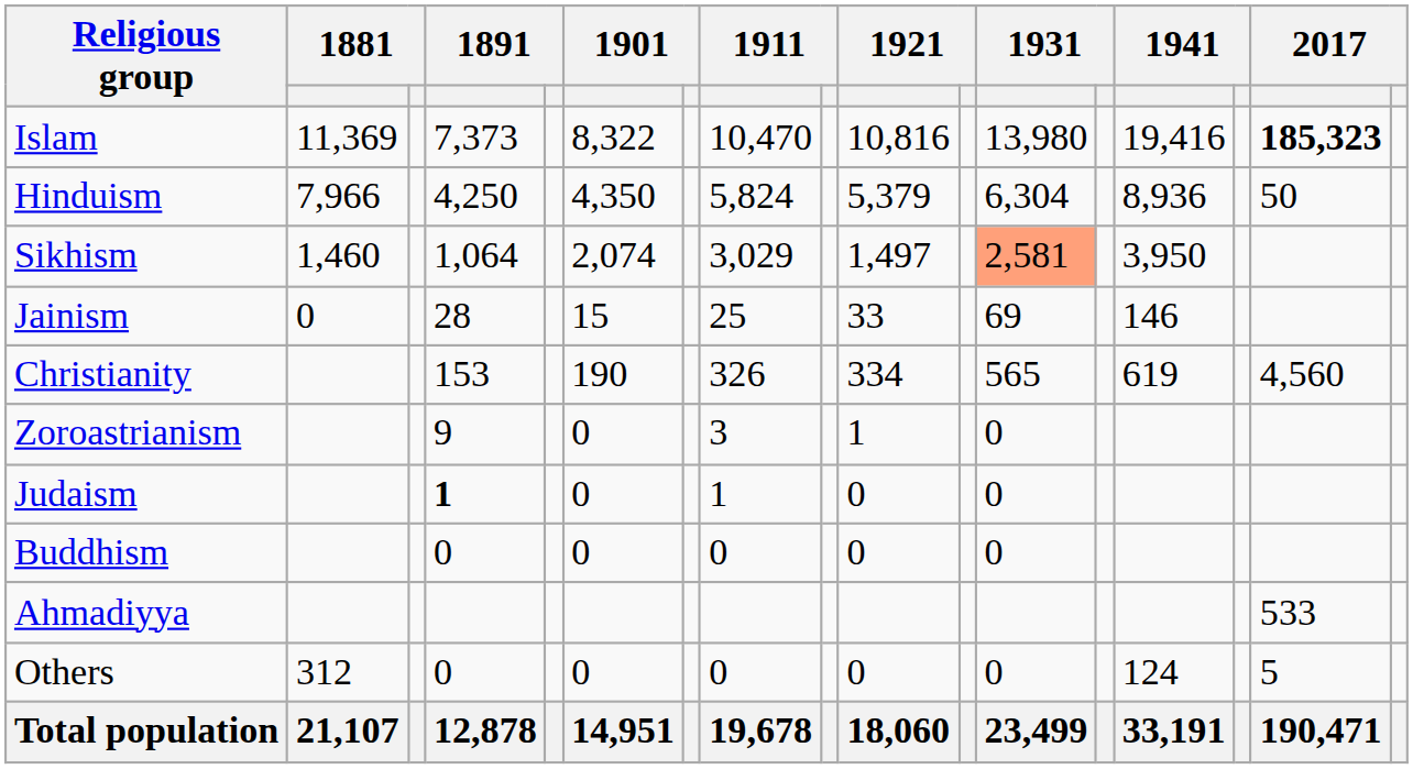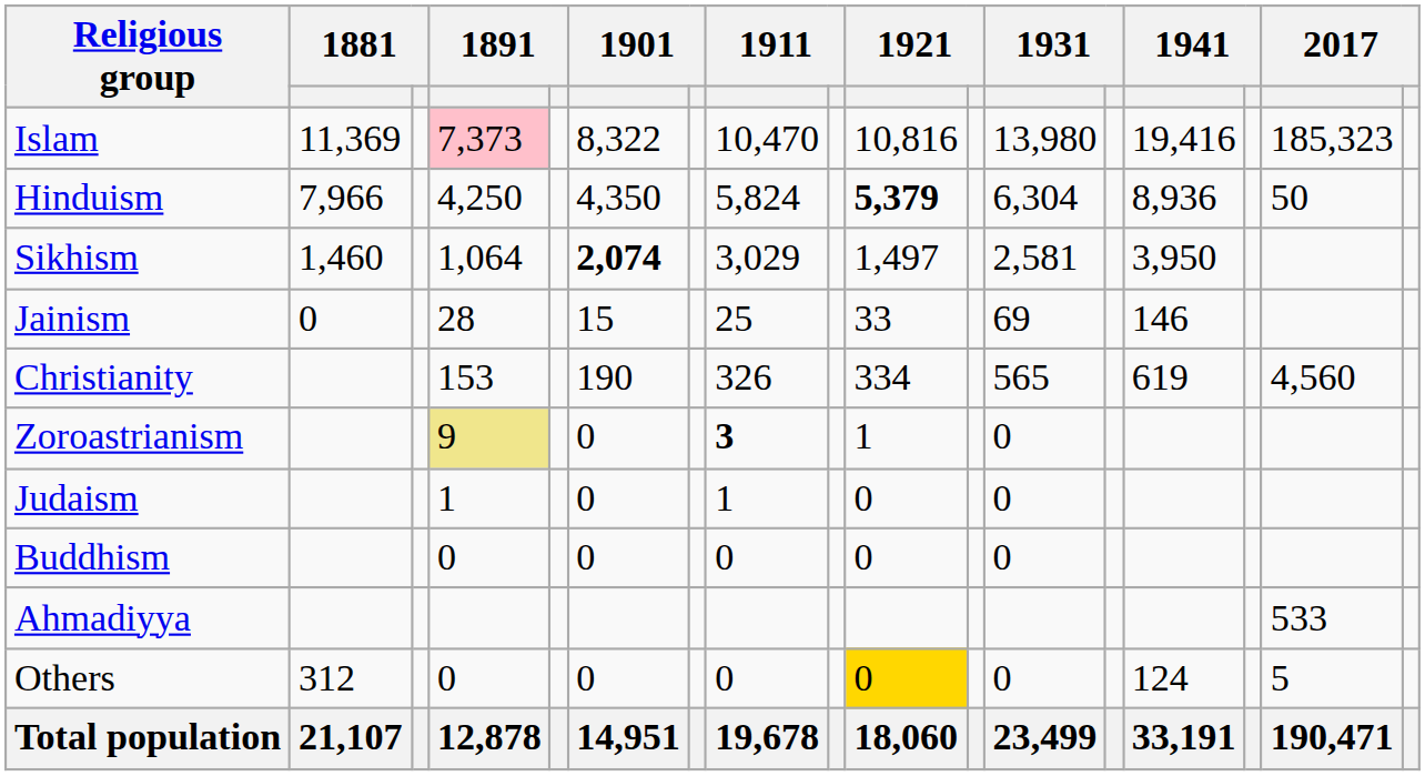 <table class="wikitable collapsible sortable">
 <tr>
 <th rowspan="2"><a href='#'>Religious</a><br>group</th>
 <th colspan="2">1881</th>
 <th colspan="2">1891</th>
 <th colspan="2">1901</th>
 <th colspan="2">1911</th>
 <th colspan="2">1921</th>
 <th colspan="2">1931</th>
 <th colspan="2">1941</th>
 <th colspan="2">2017</th>
 </tr>
 <tr>
 <th><a href='#'></a></th>
 <th></th>
 <th></th>
 <th></th>
 <th></th>
 <th></th>
 <th></th>
 <th></th>
 <th></th>
 <th></th>
 <th></th>
 <th></th>
 <th></th>
 <th></th>
 <th></th>
 <th></th>
 </tr>
 <tr>
 <td><a href='#'>Islam</a> </td>
 <td>11,369</td>
 <td></td>
-<td>7,373</td>
+<td style="background: pink;">7,373</td>
 <td></td>
 <td>8,322</td>
 <td></td>
 <td>10,470</td>
 <td></td>
 <td>10,816</td>
 <td></td>
 <td>13,980</td>
 <td></td>
 <td>19,416</td>
 <td></td>
-<td><strong>185,323</strong></td>
+<td>185,323</td>
 <td></td>
 </tr>
 <tr>
 <td><a href='#'>Hinduism</a> </td>
 <td>7,966</td>
 <td></td>
 <td>4,250</td>
 <td></td>
 <td>4,350</td>
 <td></td>
 <td>5,824</td>
 <td></td>
-<td>5,379</td>
+<td><strong>5,379</strong></td>
 <td></td>
 <td>6,304</td>
 <td></td>
 <td>8,936</td>
 <td></td>
 <td>50</td>
 <td></td>
 </tr>
 <tr>
 <td><a href='#'>Sikhism</a> </td>
 <td>1,460</td>
 <td></td>
 <td>1,064</td>
 <td></td>
-<td>2,074</td>
+<td><strong>2,074</strong></td>
 <td></td>
 <td>3,029</td>
 <td></td>
 <td>1,497</td>
 <td></td>
-<td style="background: lightsalmon;">2,581</td>
+<td>2,581</td>
 <td></td>
 <td>3,950</td>
 <td></td>
 <td></td>
 <td></td>
 </tr>
 <tr>
 <td><a href='#'>Jainism</a> </td>
 <td>0</td>
 <td></td>
 <td>28</td>
 <td></td>
 <td>15</td>
 <td></td>
 <td>25</td>
 <td></td>
 <td>33</td>
 <td></td>
 <td>69</td>
 <td></td>
 <td>146</td>
 <td></td>
 <td></td>
 <td></td>
 </tr>
 <tr>
 <td><a href='#'>Christianity</a> </td>
 <td></td>
 <td></td>
 <td>153</td>
 <td></td>
 <td>190</td>
 <td></td>
 <td>326</td>
 <td></td>
 <td>334</td>
 <td></td>
 <td>565</td>
 <td></td>
 <td>619</td>
 <td></td>
 <td>4,560</td>
 <td></td>
 </tr>
 <tr>
 <td><a href='#'>Zoroastrianism</a> </td>
 <td></td>
 <td></td>
-<td>9</td>
+<td style="background: khaki;">9</td>
 <td></td>
 <td>0</td>
 <td></td>
-<td>3</td>
+<td><strong>3</strong></td>
 <td></td>
 <td>1</td>
 <td></td>
 <td>0</td>
 <td></td>
 <td></td>
 <td></td>
 <td></td>
 <td></td>
 </tr>
 <tr>
 <td><a href='#'>Judaism</a> </td>
 <td></td>
 <td></td>
-<td><strong>1</strong></td>
+<td>1</td>
 <td></td>
 <td>0</td>
 <td></td>
 <td>1</td>
 <td></td>
 <td>0</td>
 <td></td>
 <td>0</td>
 <td></td>
 <td></td>
 <td></td>
 <td></td>
 <td></td>
 </tr>
 <tr>
 <td><a href='#'>Buddhism</a> </td>
 <td></td>
 <td></td>
 <td>0</td>
 <td></td>
 <td>0</td>
 <td></td>
 <td>0</td>
 <td></td>
 <td>0</td>
 <td></td>
 <td>0</td>
 <td></td>
 <td></td>
 <td></td>
 <td></td>
 <td></td>
 </tr>
 <tr>
 <td><a href='#'>Ahmadiyya</a> </td>
 <td></td>
 <td></td>
 <td></td>
 <td></td>
 <td></td>
 <td></td>
 <td></td>
 <td></td>
 <td></td>
 <td></td>
 <td></td>
 <td></td>
 <td></td>
 <td></td>
 <td>533</td>
 <td></td>
 </tr>
 <tr>
 <td>Others</td>
 <td>312</td>
 <td></td>
 <td>0</td>
 <td></td>
 <td>0</td>
 <td></td>
 <td>0</td>
 <td></td>
-<td>0</td>
+<td style="background: gold;">0</td>
 <td></td>
 <td>0</td>
 <td></td>
 <td>124</td>
 <td></td>
 <td>5</td>
 <td></td>
 </tr>
 <tr>
 <th>Total population</th>
 <th>21,107</th>
 <th></th>
 <th>12,878</th>
 <th></th>
 <th>14,951</th>
 <th></th>
 <th>19,678</th>
 <th></th>
 <th>18,060</th>
 <th></th>
 <th>23,499</th>
 <th></th>
 <th>33,191</th>
 <th></th>
 <th>190,471</th>
 <th></th>
 </tr>
 </table>
